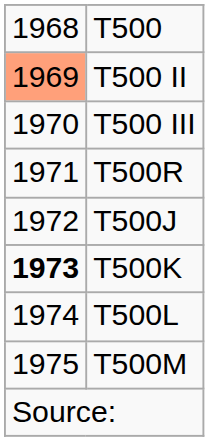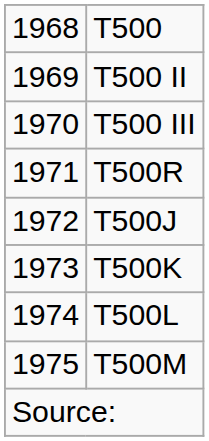 <table class="wikitable floatright">
 <tr>
 <td>1968</td>
 <td>T500</td>
 </tr>
 <tr>
-<td style="background: lightsalmon;">1969</td>
+<td>1969</td>
 <td>T500 II</td>
 </tr>
 <tr>
 <td>1970</td>
 <td>T500 III</td>
 </tr>
 <tr>
 <td>1971</td>
 <td>T500R</td>
 </tr>
 <tr>
 <td>1972</td>
 <td>T500J</td>
 </tr>
 <tr>
-<td><strong>1973</strong></td>
+<td>1973</td>
 <td>T500K</td>
 </tr>
 <tr>
 <td>1974</td>
 <td>T500L</td>
 </tr>
 <tr>
 <td>1975</td>
 <td>T500M</td>
 </tr>
 <tr>
 <td colspan="2">Source:</td>
 </tr>
 </table>
